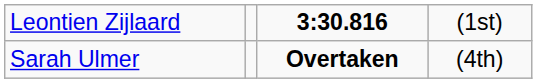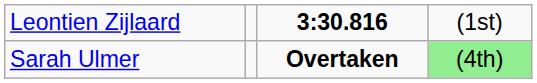 <table class="wikitable" style="text-align:center;">
 <tr>
 <td style="width:10em" align=left><a href='#'>Leontien Zijlaard</a></td>
 <td></td>
 <td style="width:7em;"><strong>3:30.816</strong></td>
 <td style="width:4em;">(1st)</td>
 </tr>
 <tr>
 <td align=left><a href='#'>Sarah Ulmer</a></td>
 <td></td>
 <td><strong>Overtaken</strong></td>
-<td>(4th)</td>
+<td style="background: lightgreen;">(4th)</td>
 </tr>
 </table>
